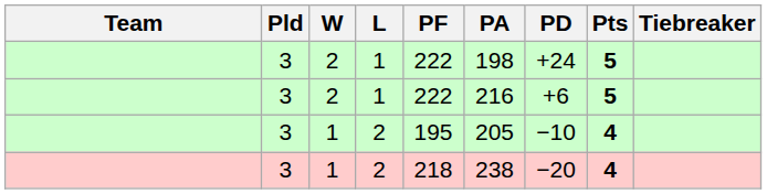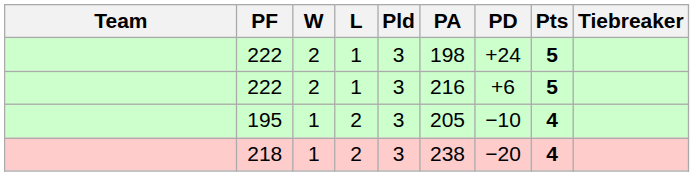 <table class="wikitable" style="text-align:center;">
 <tr>
 <th width=170>Team</th>
-<th width=25>Pld</th>
+<th width=35>PF</th>
 <th width=25>W</th>
 <th width=25>L</th>
-<th width=35>PF</th>
+<th width=25>Pld</th>
 <th width=35>PA</th>
 <th width=35>PD</th>
 <th width=25>Pts</th>
 <th width=50>Tiebreaker</th>
 </tr>
 <tr bgcolor=ccffcc>
 <td align="left"></td>
-<td>3</td>
+<td>222</td>
 <td>2</td>
 <td>1</td>
-<td>222</td>
+<td>3</td>
 <td>198</td>
 <td>+24</td>
 <td><strong>5</strong></td>
 <td></td>
 </tr>
 <tr bgcolor=ccffcc>
 <td align="left"></td>
-<td>3</td>
+<td>222</td>
 <td>2</td>
 <td>1</td>
-<td>222</td>
+<td>3</td>
 <td>216</td>
 <td>+6</td>
 <td><strong>5</strong></td>
 <td></td>
 </tr>
 <tr bgcolor=ccffcc>
 <td align="left"></td>
-<td>3</td>
+<td>195</td>
 <td>1</td>
 <td>2</td>
-<td>195</td>
+<td>3</td>
 <td>205</td>
 <td>−10</td>
 <td><strong>4</strong></td>
 <td></td>
 </tr>
 <tr bgcolor=ffcccc>
 <td align="left"></td>
-<td>3</td>
+<td>218</td>
 <td>1</td>
 <td>2</td>
-<td>218</td>
+<td>3</td>
 <td>238</td>
 <td>−20</td>
 <td><strong>4</strong></td>
 <td></td>
 </tr>
 </table>
